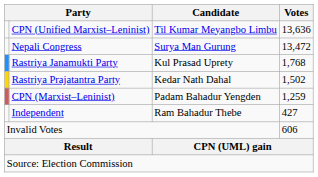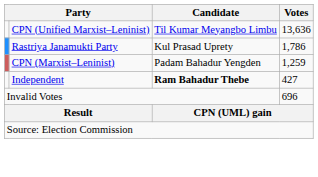 <table class="wikitable">
 <tr>
 <th colspan="2">Party</th>
 <th>Candidate</th>
 <th>Votes</th>
 </tr>
 <tr>
 <td style="background-color:"></td>
 <td><a href='#'>CPN (Unified Marxist–Leninist)</a></td>
 <td><a href='#'>Til Kumar Meyangbo Limbu</a></td>
 <td>13,636</td>
 </tr>
 <tr>
-<td style="background-color:"></td>
-<td><a href='#'>Nepali Congress</a></td>
-<td><a href='#'>Surya Man Gurung</a></td>
-<td>13,472</td>
-</tr>
-<tr>
 <td style="background-color:dodgerblue"></td>
 <td><a href='#'>Rastriya Janamukti Party</a></td>
 <td>Kul Prasad Uprety</td>
-<td>1,768</td>
-</tr>
-<tr>
-<td style="background-color:gold"></td>
-<td><a href='#'>Rastriya Prajatantra Party</a></td>
-<td>Kedar Nath Dahal</td>
-<td>1,502</td>
+<td>1,786</td>
 </tr>
 <tr>
 <td style="background-color:indianred"></td>
 <td><a href='#'>CPN (Marxist–Leninist)</a></td>
 <td>Padam Bahadur Yengden</td>
 <td>1,259</td>
 </tr>
 <tr>
 <td style="background-color:"></td>
 <td><a href='#'>Independent</a></td>
-<td>Ram Bahadur Thebe</td>
+<td><strong>Ram Bahadur Thebe</strong></td>
 <td>427</td>
 </tr>
 <tr>
 <td colspan="3">Invalid Votes</td>
-<td>606</td>
+<td>696</td>
 </tr>
 <tr>
 <th colspan="2">Result</th>
 <th colspan="2">CPN (UML) gain</th>
 </tr>
 <tr>
 <td colspan="4">Source: Election Commission</td>
 </tr>
 </table>
